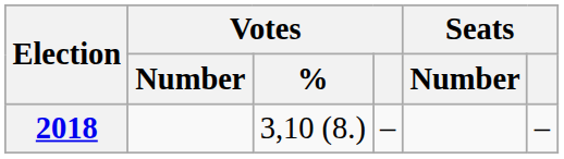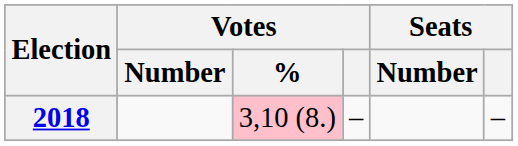 <table class="wikitable" style="text-align: right;">
 <tr>
 <th rowspan=2>Election</th>
 <th colspan=3>Votes</th>
 <th colspan=2>Seats</th>
 </tr>
 <tr>
 <th>Number</th>
 <th>%</th>
 <th></th>
 <th>Number</th>
 <th></th>
 </tr>
 <tr>
 <th><a href='#'>2018</a></th>
 <td></td>
-<td>3,10 (8.)</td>
+<td style="background: pink;">3,10 (8.)</td>
 <td style="text-align:center;">–</td>
 <td></td>
 <td style="text-align:center;">–</td>
 </tr>
 </table>
